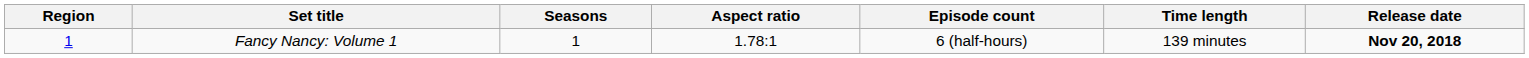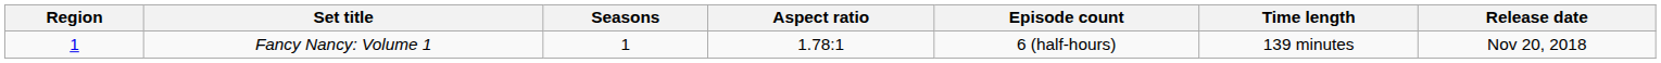 <table class="wikitable" style="width: 100%; margin: auto; text-align: center">
 <tr>
 <th>Region</th>
 <th>Set title</th>
 <th>Seasons</th>
 <th>Aspect ratio</th>
 <th>Episode count</th>
 <th>Time length</th>
 <th>Release date</th>
 </tr>
 <tr>
 <td rowspan=2><a href='#'>1</a></td>
 <td><em>Fancy Nancy: Volume 1</em></td>
 <td rowspan=2>1</td>
 <td rowspan=2>1.78:1</td>
 <td>6 (half-hours)</td>
 <td>139 minutes</td>
-<td><strong>Nov 20, 2018</strong></td>
+<td>Nov 20, 2018</td>
 </tr>
 </table>
